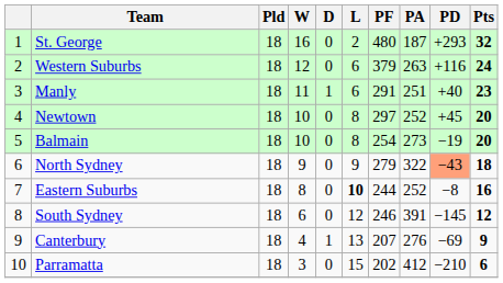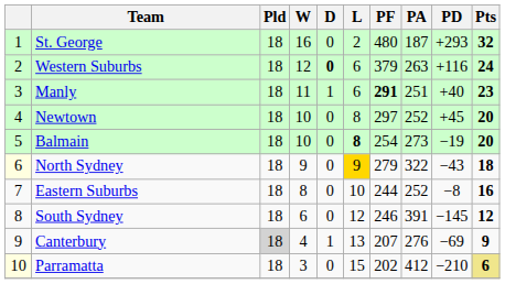 <table class="wikitable" style="text-align:center;">
 <tr>
 <th width=20 abbr="Position×"></th>
 <th width=225>Team</th>
 <th width=20 abbr="Played">Pld</th>
 <th width=20 abbr="Won">W</th>
 <th width=20 abbr="Drawn">D</th>
 <th width=20 abbr="Lost">L</th>
 <th width=20 abbr="Points for">PF</th>
 <th width=20 abbr="Points against">PA</th>
 <th width=20 abbr="Points difference">PD</th>
 <th width=20 abbr="Points">Pts</th>
 </tr>
 <tr style="background: #ccffcc;">
 <td>1</td>
 <td style="text-align:left;"> <a href='#'>St. George</a></td>
 <td>18</td>
 <td>16</td>
 <td>0</td>
 <td>2</td>
 <td>480</td>
 <td>187</td>
 <td>+293</td>
 <td><strong>32</strong></td>
 </tr>
 <tr style="background: #ccffcc;">
 <td>2</td>
 <td style="text-align:left;"> <a href='#'>Western Suburbs</a></td>
 <td>18</td>
 <td>12</td>
-<td>0</td>
+<td><strong>0</strong></td>
 <td>6</td>
 <td>379</td>
 <td>263</td>
 <td>+116</td>
 <td><strong>24</strong></td>
 </tr>
 <tr style="background: #ccffcc;">
 <td>3</td>
 <td style="text-align:left;"> <a href='#'>Manly</a></td>
 <td>18</td>
 <td>11</td>
 <td>1</td>
 <td>6</td>
-<td>291</td>
+<td><strong>291</strong></td>
 <td>251</td>
 <td>+40</td>
 <td><strong>23</strong></td>
 </tr>
 <tr style="background: #ccffcc;">
 <td>4</td>
 <td style="text-align:left;"> <a href='#'>Newtown</a></td>
 <td>18</td>
 <td>10</td>
 <td>0</td>
 <td>8</td>
 <td>297</td>
 <td>252</td>
 <td>+45</td>
 <td><strong>20</strong></td>
 </tr>
 <tr style="background: #ccffcc;">
 <td>5</td>
 <td style="text-align:left;"> <a href='#'>Balmain</a></td>
 <td>18</td>
 <td>10</td>
 <td>0</td>
-<td>8</td>
+<td><strong>8</strong></td>
 <td>254</td>
 <td>273</td>
 <td>−19</td>
 <td><strong>20</strong></td>
 </tr>
 <tr>
-<td>6</td>
+<td style="background: lightyellow;">6</td>
 <td style="text-align:left;"> <a href='#'>North Sydney</a></td>
 <td>18</td>
 <td>9</td>
 <td>0</td>
-<td>9</td>
+<td style="background: gold;">9</td>
 <td>279</td>
 <td>322</td>
-<td style="background: lightsalmon;">−43</td>
+<td>−43</td>
 <td><strong>18</strong></td>
 </tr>
 <tr>
 <td>7</td>
 <td style="text-align:left;"> <a href='#'>Eastern Suburbs</a></td>
 <td>18</td>
 <td>8</td>
 <td>0</td>
-<td><strong>10</strong></td>
+<td>10</td>
 <td>244</td>
 <td>252</td>
 <td>−8</td>
 <td><strong>16</strong></td>
 </tr>
 <tr>
 <td>8</td>
 <td style="text-align:left;"> <a href='#'>South Sydney</a></td>
 <td>18</td>
 <td>6</td>
 <td>0</td>
 <td>12</td>
 <td>246</td>
 <td>391</td>
 <td>−145</td>
 <td><strong>12</strong></td>
 </tr>
 <tr>
 <td>9</td>
 <td style="text-align:left;"> <a href='#'>Canterbury</a></td>
-<td>18</td>
+<td style="background: lightgrey;">18</td>
 <td>4</td>
 <td>1</td>
 <td>13</td>
 <td>207</td>
 <td>276</td>
 <td>−69</td>
 <td><strong>9</strong></td>
 </tr>
 <tr>
-<td>10</td>
+<td style="background: lightyellow;">10</td>
 <td style="text-align:left;"> <a href='#'>Parramatta</a></td>
 <td>18</td>
 <td>3</td>
 <td>0</td>
 <td>15</td>
 <td>202</td>
 <td>412</td>
 <td>−210</td>
-<td><strong>6</strong></td>
+<td style="background: khaki;"><strong>6</strong></td>
 </tr>
 <tr>
 </tr>
 </table>
